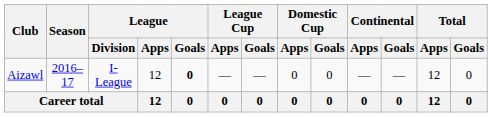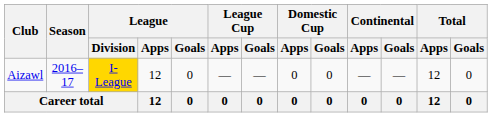 <table class="wikitable" style="text-align: center;">
 <tr>
 <th rowspan="2">Club</th>
 <th rowspan="2">Season</th>
 <th colspan="3">League</th>
 <th colspan="2">League Cup</th>
 <th colspan="2">Domestic Cup</th>
 <th colspan="2">Continental</th>
 <th colspan="2">Total</th>
 </tr>
 <tr>
 <th>Division</th>
 <th>Apps</th>
 <th>Goals</th>
 <th>Apps</th>
 <th>Goals</th>
 <th>Apps</th>
 <th>Goals</th>
 <th>Apps</th>
 <th>Goals</th>
 <th>Apps</th>
 <th>Goals</th>
 </tr>
 <tr>
 <td rowspan="1"><a href='#'>Aizawl</a></td>
 <td><a href='#'>2016–17</a></td>
-<td><a href='#'>I-League</a></td>
+<td style="background: gold;"><a href='#'>I-League</a></td>
 <td>12</td>
-<td><strong>0</strong></td>
+<td>0</td>
 <td>—</td>
 <td>—</td>
 <td>0</td>
 <td>0</td>
 <td>—</td>
 <td>—</td>
 <td>12</td>
 <td>0</td>
 </tr>
 <tr>
 <th colspan="3">Career total</th>
 <th>12</th>
 <th>0</th>
 <th>0</th>
 <th>0</th>
 <th>0</th>
 <th>0</th>
 <th>0</th>
 <th>0</th>
 <th>12</th>
 <th>0</th>
 </tr>
 </table>
